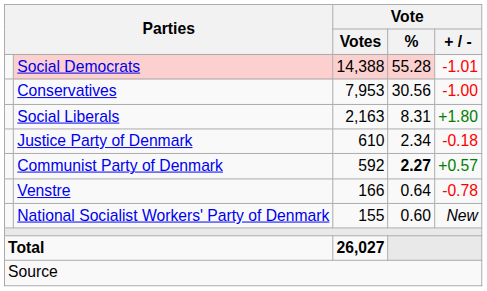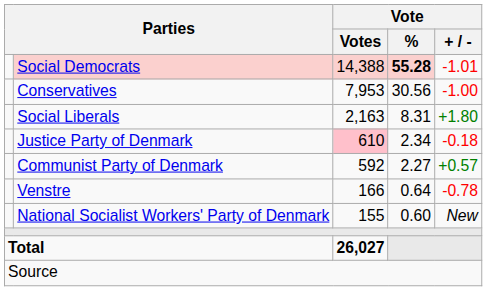 <table class="wikitable" style="text-align:right;">
 <tr>
 <th style="text-align:centre;" rowspan="2" colspan="2" width="225">Parties</th>
 <th colspan="3">Vote</th>
 </tr>
 <tr>
 <th width="15">Votes</th>
 <th width="15">%</th>
 <th width="15">+ / -</th>
 </tr>
 <tr>
 <td width="2" style="color:inherit;background:"></td>
 <td bgcolor=#fbd0ce  align="left"><a href='#'>Social Democrats</a></td>
 <td bgcolor=#fbd0ce>14,388</td>
-<td bgcolor=#fbd0ce>55.28</td>
+<td bgcolor=#fbd0ce><strong>55.28</strong></td>
 <td style=color:red;>-1.01</td>
 </tr>
 <tr>
 <td width="2" style="color:inherit;background:"></td>
 <td align="left"><a href='#'>Conservatives</a></td>
 <td>7,953</td>
 <td>30.56</td>
 <td style=color:red;>-1.00</td>
 </tr>
 <tr>
 <td width="2" style="color:inherit;background:"></td>
 <td align="left"><a href='#'>Social Liberals</a></td>
 <td>2,163</td>
 <td>8.31</td>
 <td style=color:green;>+1.80</td>
 </tr>
 <tr>
 <td width="2" style="color:inherit;background:"></td>
 <td align="left"><a href='#'>Justice Party of Denmark</a></td>
-<td>610</td>
+<td style="background: pink;">610</td>
 <td>2.34</td>
 <td style=color:red;>-0.18</td>
 </tr>
 <tr>
 <td width="2" style="color:inherit;background:"></td>
 <td align="left"><a href='#'>Communist Party of Denmark</a></td>
 <td>592</td>
-<td><strong>2.27</strong></td>
+<td>2.27</td>
 <td style=color:green;>+0.57</td>
 </tr>
 <tr>
 <td width="2" style="color:inherit;background:"></td>
 <td align="left"><a href='#'>Venstre</a></td>
 <td>166</td>
 <td>0.64</td>
 <td style=color:red;>-0.78</td>
 </tr>
 <tr>
 <td width="2" style="color:inherit;background:"></td>
 <td align="left"><a href='#'>National Socialist Workers' Party of Denmark</a></td>
 <td>155</td>
 <td>0.60</td>
 <td><em>New</em></td>
 </tr>
 <tr>
 <td colspan="7" bgcolor="#E9E9E9"></td>
 </tr>
 <tr>
 <td align="left" colspan="2"><strong>Total</strong></td>
 <td><strong>26,027</strong></td>
 <td bgcolor="#E9E9E9" colspan="2"></td>
 </tr>
 <tr>
 <td align="left" colspan="6">Source</td>
 </tr>
 </table>
